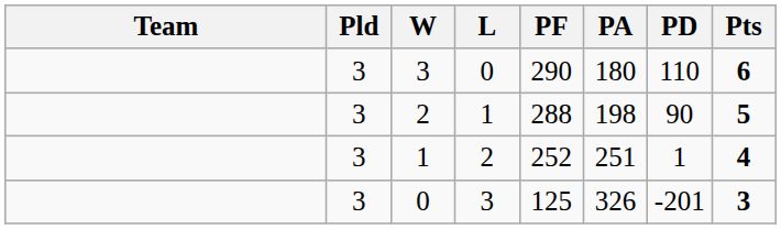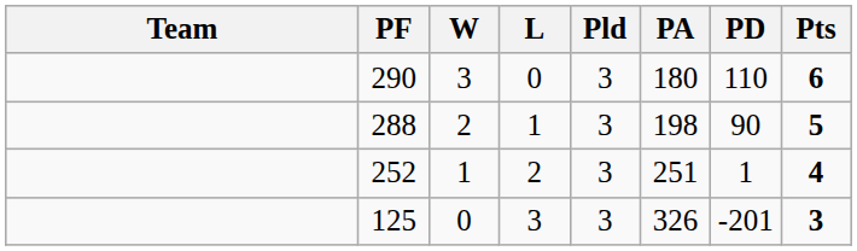 <table class=wikitable style="text-align:center">
 <tr>
 <th width=180>Team</th>
-<th width=30>Pld</th>
+<th width=30>PF</th>
 <th width=30>W</th>
 <th width=30>L</th>
-<th width=30>PF</th>
+<th width=30>Pld</th>
 <th width=30>PA</th>
 <th width=30>PD</th>
 <th width=30>Pts</th>
 </tr>
 <tr>
 <td align="left"></td>
-<td>3</td>
+<td>290</td>
 <td>3</td>
 <td>0</td>
-<td>290</td>
+<td>3</td>
 <td>180</td>
 <td>110</td>
 <td><strong>6</strong></td>
 </tr>
 <tr>
 <td align="left"></td>
-<td>3</td>
+<td>288</td>
 <td>2</td>
 <td>1</td>
-<td>288</td>
+<td>3</td>
 <td>198</td>
 <td>90</td>
 <td><strong>5</strong></td>
 </tr>
 <tr>
 <td align="left"></td>
-<td>3</td>
+<td>252</td>
 <td>1</td>
 <td>2</td>
-<td>252</td>
+<td>3</td>
 <td>251</td>
 <td>1</td>
 <td><strong>4</strong></td>
 </tr>
 <tr>
 <td align="left"></td>
-<td>3</td>
+<td>125</td>
 <td>0</td>
 <td>3</td>
-<td>125</td>
+<td>3</td>
 <td>326</td>
 <td>-201</td>
 <td><strong>3</strong></td>
 </tr>
 </table>
